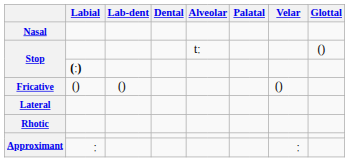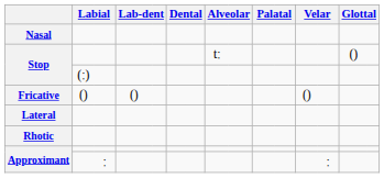 <table class="wikitable" style=text-align:center>
 <tr style="font-size: 90%;">
 <th></th>
 <th colspan=2><a href='#'>Labial</a></th>
 <th colspan=2><a href='#'>Lab-dent</a></th>
 <th colspan=2><a href='#'>Dental</a></th>
 <th colspan=2><a href='#'>Alveolar</a></th>
 <th colspan=2><a href='#'>Palatal</a></th>
 <th colspan=2><a href='#'>Velar</a></th>
 <th colspan=2><a href='#'>Glottal</a></th>
 </tr>
 <tr>
 <th><small><a href='#'>Nasal</a></small></th>
 <td width=20px style="border-right: 0;"></td>
 <td width=20px style="border-left: 0;"></td>
 <td colspan=2></td>
 <td colspan=2></td>
 <td width=20px style="border-right: 0;"></td>
 <td width=20px style="border-left: 0;"></td>
 <td width=20px style="border-right: 0;"></td>
 <td width=20px style="border-left: 0;"></td>
 <td width=20px style="border-right: 0;"></td>
 <td width=20px style="border-left: 0;"></td>
 <td colspan=2></td>
 </tr>
 <tr>
 <th rowspan=2><small><a href='#'>Stop</a></small></th>
 <td style="border-right: 0;"></td>
 <td style="border-left: 0;"></td>
 <td colspan=2></td>
 <td style="border-right: 0;"></td>
 <td style="border-left: 0;"></td>
 <td style="border-right: 0;">tː</td>
 <td style="border-left: 0;"></td>
 <td style="border-right: 0;"></td>
 <td style="border-left: 0;"></td>
 <td style="border-right: 0;"></td>
 <td style="border-left: 0;"></td>
 <td style="border-right: 0;">()</td>
 <td style="border-left: 0;"></td>
 </tr>
 <tr>
-<td style="border-right: 0;"><strong>(ː)</strong></td>
+<td style="border-right: 0;">(ː)</td>
 <td style="border-left: 0;"></td>
 <td colspan=2></td>
 <td colspan=2></td>
 <td colspan=2></td>
 <td colspan=2></td>
 <td colspan=2></td>
 <td colspan=2></td>
 </tr>
 <tr>
 <th><small><a href='#'>Fricative</a></small></th>
 <td style="border-right: 0;">()</td>
 <td style="border-left: 0;"></td>
 <td style="border-right: 0;">()</td>
 <td style="border-left: 0;"></td>
 <td colspan=2></td>
 <td style="border-right: 0;"></td>
 <td style="border-left: 0;"></td>
 <td colspan=2></td>
 <td style="border-right: 0;">()</td>
 <td style="border-left: 0;"></td>
 <td colspan=2></td>
 </tr>
 <tr>
 <th><small><a href='#'>Lateral</a></small></th>
 <td colspan=2></td>
 <td colspan=2></td>
 <td colspan=2></td>
 <td style="border-right: 0;"></td>
 <td style="border-left: 0;"></td>
 <td colspan=2></td>
 <td colspan=2></td>
 <td colspan=2></td>
 </tr>
 <tr>
 <th><small><a href='#'>Rhotic</a></small></th>
 <td colspan=2></td>
 <td colspan=2></td>
 <td colspan=2></td>
 <td style="border-right: 0;"></td>
 <td style="border-left: 0;"></td>
 <td colspan=2></td>
 <td colspan=2></td>
 <td colspan=2></td>
 </tr>
 <tr>
 <th rowspan=2><small><a href='#'>Approximant</a></small></th>
 <td style="border-right: 0;"></td>
 <td style="border-left: 0;"></td>
 <td colspan=2></td>
 <td colspan=2></td>
 <td colspan=2></td>
 <td colspan=2></td>
 <td style="border-right: 0;"></td>
 <td style="border-left: 0;"></td>
 <td colspan=2></td>
 </tr>
 <tr>
 <td style="border-right: 0;"></td>
 <td style="border-left: 0;">ː</td>
 <td colspan=2></td>
 <td colspan=2></td>
 <td colspan=2></td>
 <td colspan=2></td>
 <td style="border-right: 0;"></td>
 <td style="border-left: 0;">ː</td>
 <td colspan=2></td>
 </tr>
 </table>
